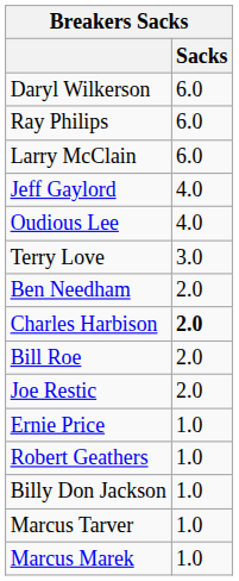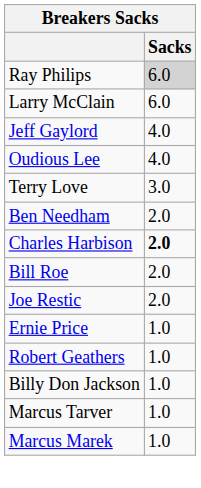 <table class="wikitable">
 <tr>
 <th colspan="2">Breakers Sacks</th>
 </tr>
 <tr>
 <th></th>
 <th>Sacks</th>
 </tr>
 <tr>
-<td>Daryl Wilkerson</td>
-<td>6.0</td>
-</tr>
-<tr>
 <td>Ray Philips</td>
-<td>6.0</td>
+<td style="background: lightgrey;">6.0</td>
 </tr>
 <tr>
 <td>Larry McClain</td>
 <td>6.0</td>
 </tr>
 <tr>
 <td><a href='#'>Jeff Gaylord</a></td>
 <td>4.0</td>
 </tr>
 <tr>
 <td><a href='#'>Oudious Lee</a></td>
 <td>4.0</td>
 </tr>
 <tr>
 <td>Terry Love</td>
 <td>3.0</td>
 </tr>
 <tr>
 <td><a href='#'>Ben Needham</a></td>
 <td>2.0</td>
 </tr>
 <tr>
 <td><a href='#'>Charles Harbison</a></td>
 <td><strong>2.0</strong></td>
 </tr>
 <tr>
 <td><a href='#'>Bill Roe</a></td>
 <td>2.0</td>
 </tr>
 <tr>
 <td><a href='#'>Joe Restic</a></td>
 <td>2.0</td>
 </tr>
 <tr>
 <td><a href='#'>Ernie Price</a></td>
 <td>1.0</td>
 </tr>
 <tr>
 <td><a href='#'>Robert Geathers</a></td>
 <td>1.0</td>
 </tr>
 <tr>
 <td>Billy Don Jackson</td>
 <td>1.0</td>
 </tr>
 <tr>
 <td>Marcus Tarver</td>
 <td>1.0</td>
 </tr>
 <tr>
 <td><a href='#'>Marcus Marek</a></td>
 <td>1.0</td>
 </tr>
 </table>
